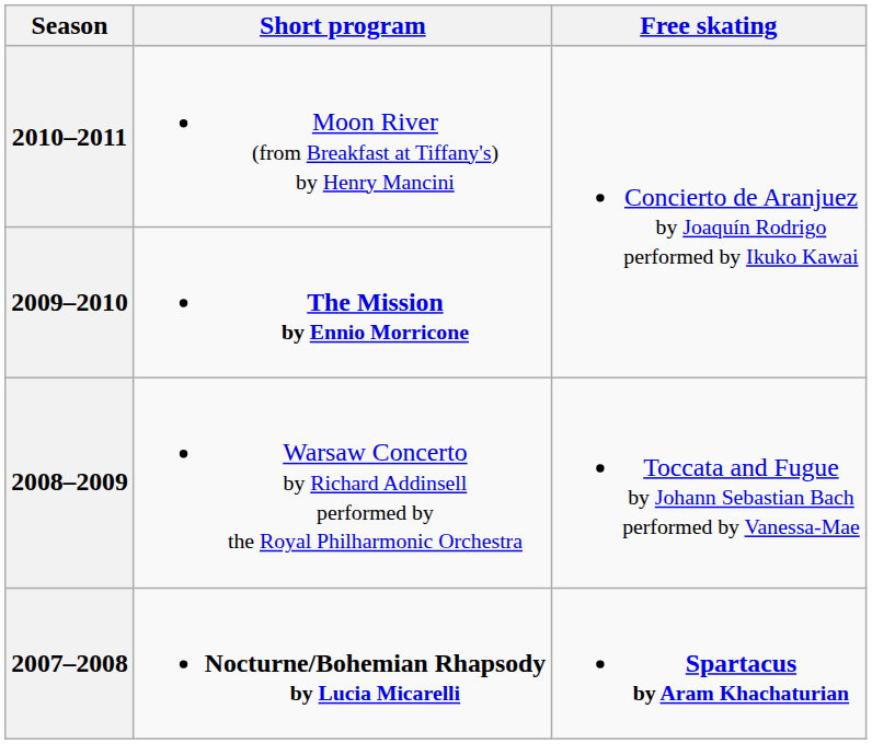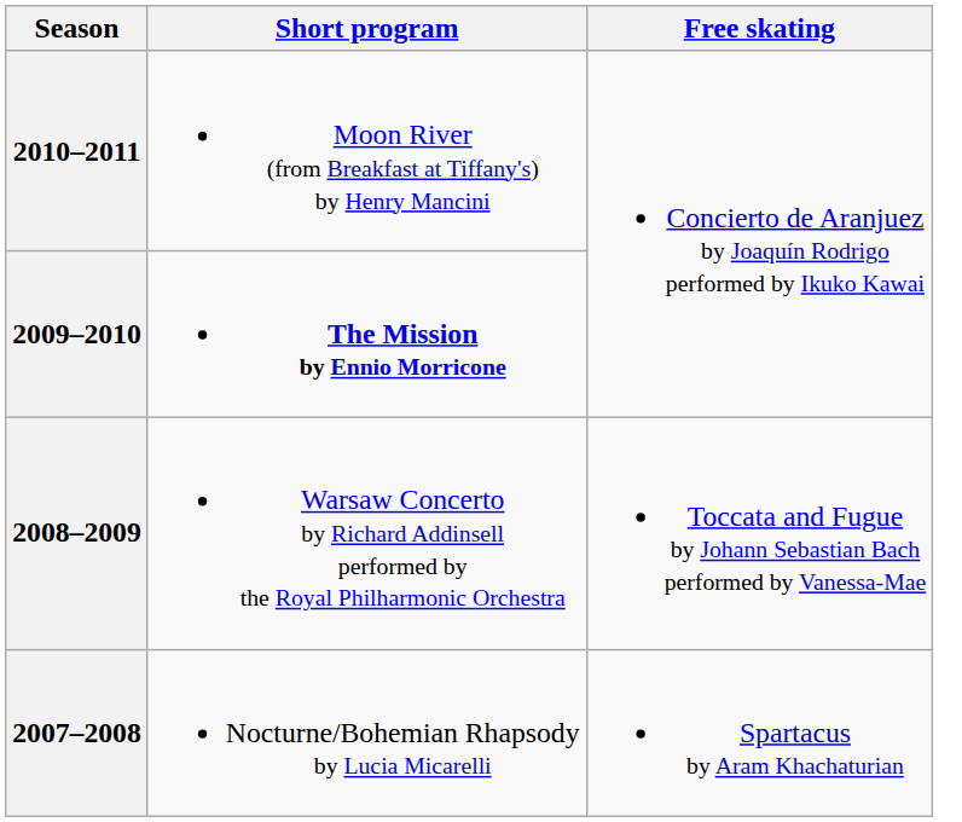 <table class=wikitable style=text-align:center>
 <tr>
 <th>Season</th>
 <th><a href='#'>Short program</a></th>
 <th><a href='#'>Free skating</a></th>
 </tr>
 <tr>
 <th>2010–2011 <br> </th>
 <td><br><ul><li><a href='#'>Moon River</a> <br><small> (from <a href='#'>Breakfast at Tiffany's</a>) <br> by <a href='#'>Henry Mancini</a> </small></li></ul></td>
 <td rowspan=2><br><ul><li><a href='#'>Concierto de Aranjuez</a> <br><small> by <a href='#'>Joaquín Rodrigo</a> <br> performed by <a href='#'>Ikuko Kawai</a> </small></li></ul></td>
 </tr>
 <tr>
 <th>2009–2010 <br> </th>
 <td><strong><br><ul><li><a href='#'>The Mission</a> <br><small> by <a href='#'>Ennio Morricone</a> </small></li></ul></strong></td>
 </tr>
 <tr>
 <th>2008–2009 <br> </th>
 <td><br><ul><li><a href='#'>Warsaw Concerto</a> <br><small> by <a href='#'>Richard Addinsell</a> <br> performed by <br> the <a href='#'>Royal Philharmonic Orchestra</a> </small></li></ul></td>
 <td><br><ul><li><a href='#'>Toccata and Fugue</a> <br><small> by <a href='#'>Johann Sebastian Bach</a> <br> performed by <a href='#'>Vanessa-Mae</a> </small></li></ul></td>
 </tr>
 <tr>
 <th>2007–2008 <br> </th>
-<td><strong><br><ul><li>Nocturne/Bohemian Rhapsody <br><small> by <a href='#'>Lucia Micarelli</a> </small></li></ul></strong></td>
-<td><strong><br><ul><li><a href='#'>Spartacus</a> <br><small> by <a href='#'>Aram Khachaturian</a> </small></li></ul></strong></td>
+<td><br><ul><li>Nocturne/Bohemian Rhapsody <br><small> by <a href='#'>Lucia Micarelli</a> </small></li></ul></td>
+<td><br><ul><li><a href='#'>Spartacus</a> <br><small> by <a href='#'>Aram Khachaturian</a> </small></li></ul></td>
 </tr>
 </table>
